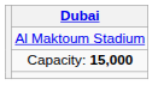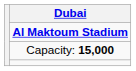 <table class="wikitable" style="text-align:center">
 <tr>
 <th rowspan=4></th>
 <th><a href='#'>Dubai</a></th>
 </tr>
 <tr>
-<td><a href='#'>Al Maktoum Stadium</a></td>
+<td><strong><a href='#'>Al Maktoum Stadium</a></strong></td>
 </tr>
 <tr>
 <td>Capacity: <strong>15,000</strong></td>
 </tr>
 <tr>
 <td></td>
 </tr>
 </table>
